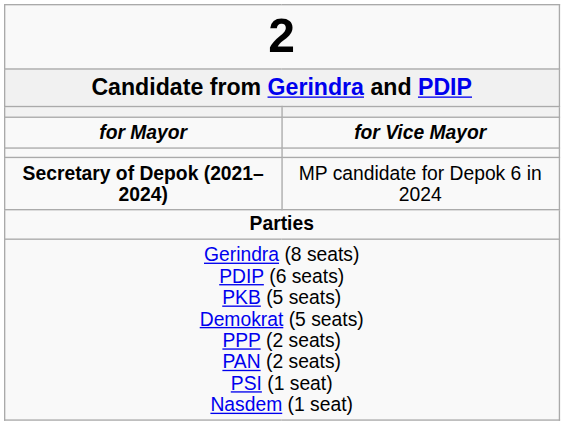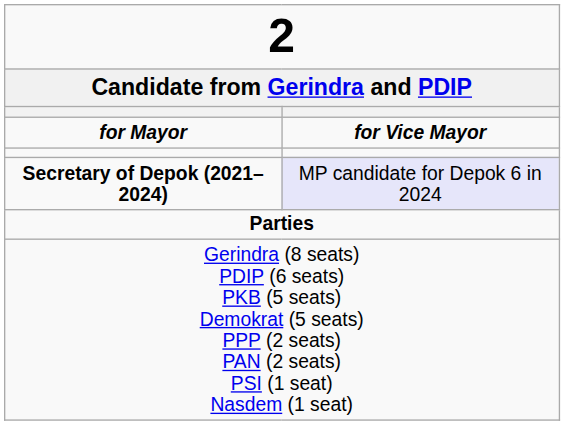 <table class="wikitable" style="font-size:90%; text-align:center;">
 <tr>
 <td colspan=2><big><big><big><big><big><strong>2</strong></big></big></big></big></big></td>
 </tr>
 <tr>
 <td colspan=2 style="background:#f1f1f1;"><strong><big>Candidate from <a href='#'>Gerindra</a> and <a href='#'>PDIP</a></big></strong></td>
 </tr>
 <tr>
 <th style="width:3em; font-size:135%; background:#"></th>
 <th style="width:3em; font-size:135%; background:#"></th>
 </tr>
 <tr style="color:#000; font-size:100%; background:#">
 <td style="width:3em; width:200px;"><strong><em>for Mayor</em></strong></td>
 <td style="width:3em; width:200px;"><strong><em>for Vice Mayor</em></strong></td>
 </tr>
 <tr>
 <td></td>
 <td></td>
 </tr>
 <tr>
 <td><strong>Secretary of Depok (2021–2024)</strong></td>
-<td>MP candidate for Depok 6 in 2024</td>
+<td style="background: lavender;">MP candidate for Depok 6 in 2024</td>
 </tr>
 <tr>
 <td colspan=2><strong>Parties</strong></td>
 </tr>
 <tr>
 <td colspan=2> <a href='#'>Gerindra</a> (8 seats)<br><a href='#'>PDIP</a> (6 seats)<br><a href='#'>PKB</a> (5 seats)<br><a href='#'>Demokrat</a> (5 seats)<br><a href='#'>PPP</a> (2 seats)<br><a href='#'>PAN</a> (2 seats)<br><a href='#'>PSI</a> (1 seat)<br><a href='#'>Nasdem</a> (1 seat)</td>
 </tr>
 </table>
